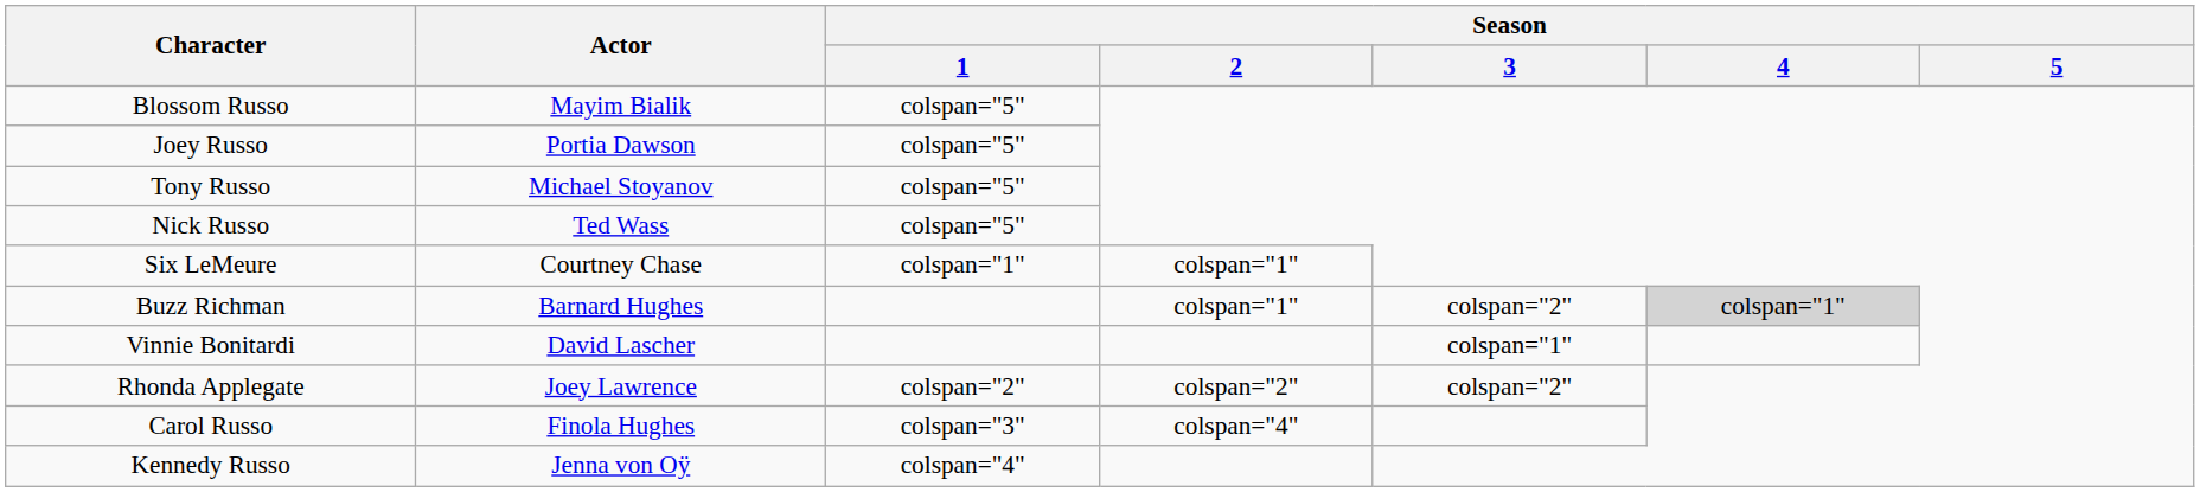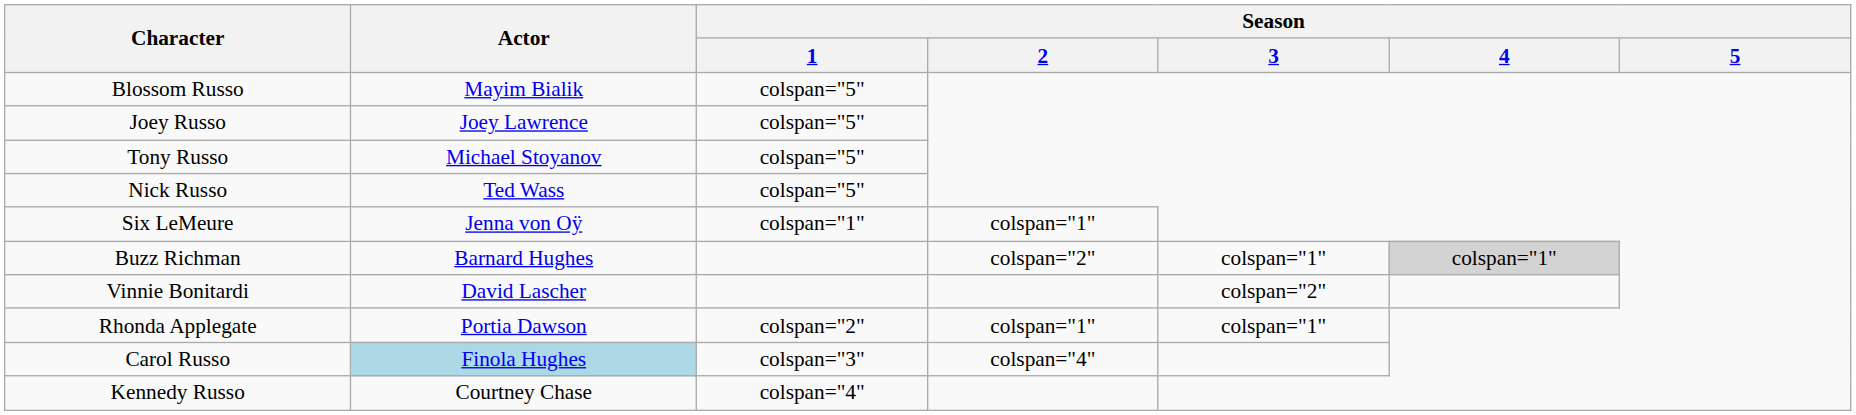 <table class="wikitable" style="text-align:center; font-size=85%; width:70%;">
 <tr>
 <th rowspan="2" width="15%">Character</th>
 <th rowspan="2" width="15%">Actor</th>
 <th colspan="5">Season</th>
 </tr>
 <tr>
 <th width="10%"><a href='#'>1</a></th>
 <th width="10%"><a href='#'>2</a></th>
 <th width="10%"><a href='#'>3</a></th>
 <th width="10%"><a href='#'>4</a></th>
 <th width="10%"><a href='#'>5</a></th>
 </tr>
 <tr>
 <td>Blossom Russo</td>
 <td><a href='#'>Mayim Bialik</a></td>
 <td>colspan="5" </td>
 </tr>
 <tr>
 <td>Joey Russo</td>
-<td><a href='#'>Portia Dawson</a></td>
+<td><a href='#'>Joey Lawrence</a></td>
 <td>colspan="5" </td>
 </tr>
 <tr>
 <td>Tony Russo</td>
 <td><a href='#'>Michael Stoyanov</a></td>
 <td>colspan="5" </td>
 </tr>
 <tr>
 <td>Nick Russo</td>
 <td><a href='#'>Ted Wass</a></td>
 <td>colspan="5" </td>
 </tr>
 <tr>
 <td>Six LeMeure</td>
-<td>Courtney Chase</td>
+<td><a href='#'>Jenna von Oÿ</a></td>
 <td>colspan="1" </td>
 <td>colspan="1" </td>
 </tr>
 <tr>
 <td>Buzz Richman</td>
 <td><a href='#'>Barnard Hughes</a></td>
 <td></td>
+<td>colspan="2" </td>
 <td>colspan="1" </td>
-<td>colspan="2" </td>
 <td style="background: lightgrey;">colspan="1" </td>
 </tr>
 <tr>
 <td>Vinnie Bonitardi</td>
 <td><a href='#'>David Lascher</a></td>
 <td></td>
 <td></td>
-<td>colspan="1" </td>
+<td>colspan="2" </td>
 <td></td>
 </tr>
 <tr>
 <td>Rhonda Applegate</td>
-<td><a href='#'>Joey Lawrence</a></td>
+<td><a href='#'>Portia Dawson</a></td>
 <td>colspan="2" </td>
-<td>colspan="2" </td>
-<td>colspan="2" </td>
+<td>colspan="1" </td>
+<td>colspan="1" </td>
 </tr>
 <tr>
 <td>Carol Russo</td>
-<td><a href='#'>Finola Hughes</a></td>
+<td style="background: lightblue;"><a href='#'>Finola Hughes</a></td>
 <td>colspan="3" </td>
 <td>colspan="4" </td>
 <td></td>
 </tr>
 <tr>
 <td>Kennedy Russo</td>
-<td><a href='#'>Jenna von Oÿ</a></td>
+<td>Courtney Chase</td>
 <td>colspan="4" </td>
 <td></td>
 </tr>
 </table>
